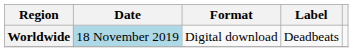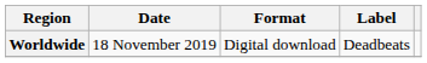 <table class="wikitable plainrowheaders">
 <tr>
 <th>Region</th>
 <th>Date</th>
 <th>Format</th>
 <th>Label</th>
 <th></th>
 </tr>
 <tr>
 <th scope="row" rowspan="1">Worldwide</th>
-<td style="background: lightblue;">18 November 2019</td>
+<td>18 November 2019</td>
 <td>Digital download</td>
 <td>Deadbeats</td>
 <td></td>
 </tr>
 <tr>
 </tr>
 </table>
